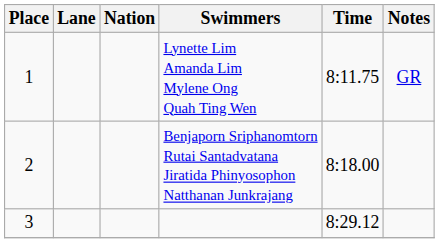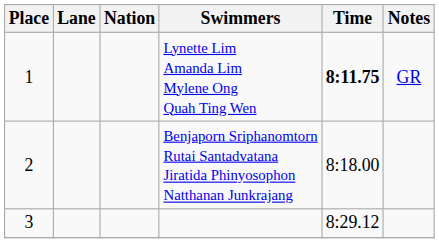 <table class="wikitable sortable" style="text-align:center">
 <tr>
 <th>Place</th>
 <th>Lane</th>
 <th>Nation</th>
 <th>Swimmers</th>
 <th>Time</th>
 <th>Notes</th>
 </tr>
 <tr>
 <td>1</td>
 <td></td>
 <td align=left></td>
 <td align=left><small> <a href='#'>Lynette Lim</a> <br> <a href='#'>Amanda Lim</a> <br> <a href='#'>Mylene Ong</a> <br> <a href='#'>Quah Ting Wen</a> </small></td>
-<td>8:11.75</td>
+<td><strong>8:11.75</strong></td>
 <td><a href='#'>GR</a></td>
 </tr>
 <tr>
 <td>2</td>
 <td></td>
 <td align=left></td>
 <td align=left><small> <a href='#'>Benjaporn Sriphanomtorn</a> <br> <a href='#'>Rutai Santadvatana</a> <br> <a href='#'>Jiratida Phinyosophon</a> <br> <a href='#'>Natthanan Junkrajang</a> </small></td>
 <td>8:18.00</td>
 <td></td>
 </tr>
 <tr>
 <td>3</td>
 <td></td>
 <td align=left></td>
 <td align=left></td>
 <td>8:29.12</td>
 <td></td>
 </tr>
 <tr>
 </tr>
 </table>
